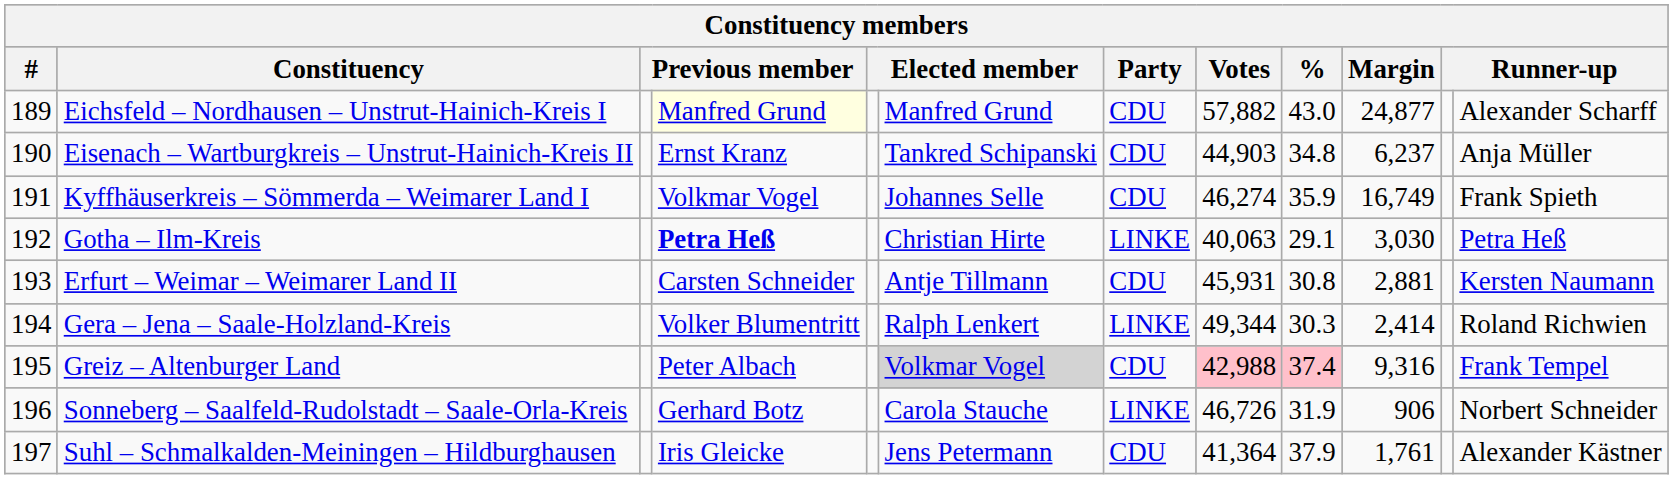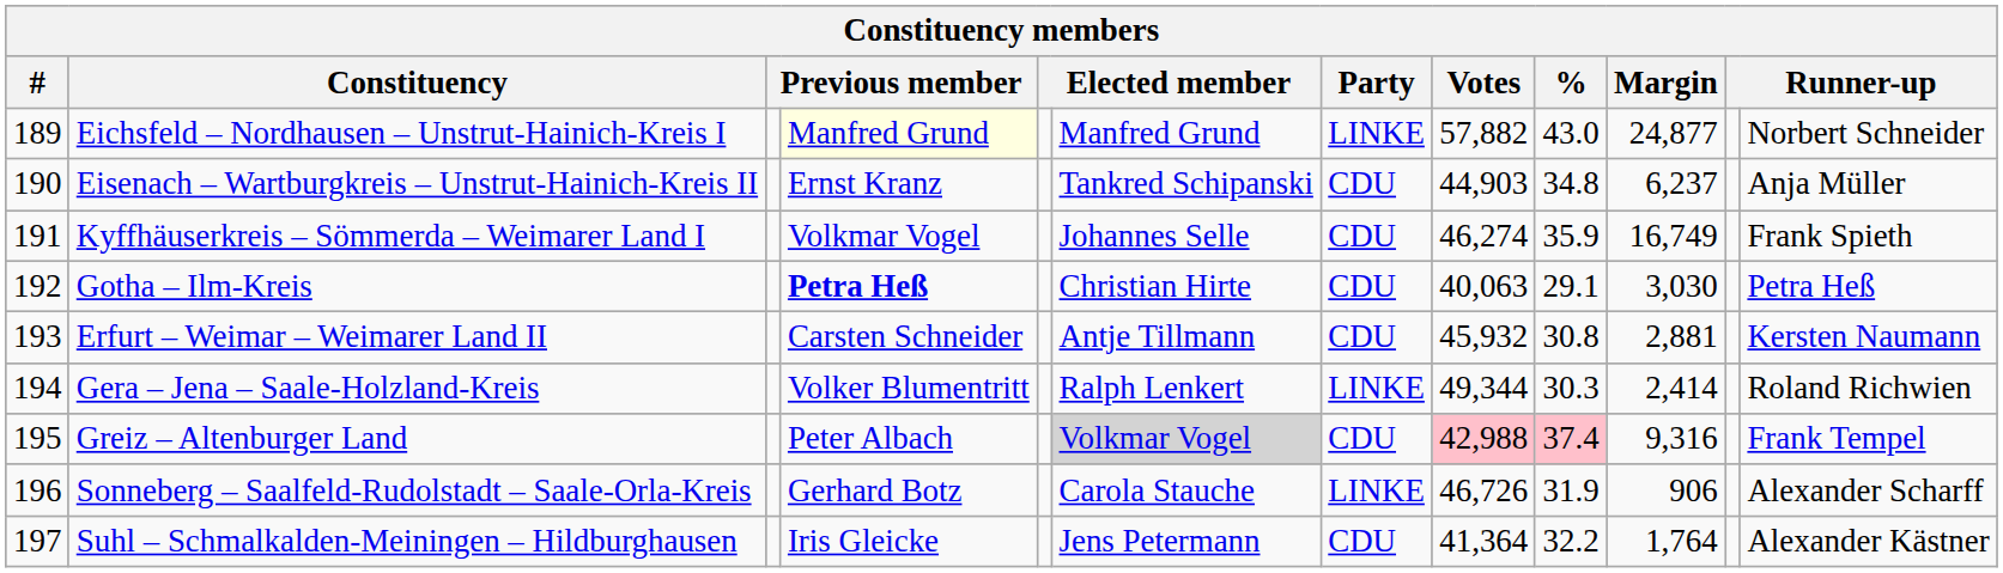 <table class="wikitable sortable" style="text-align:right">
 <tr>
 <th colspan="12">Constituency members</th>
 </tr>
 <tr>
 <th>#</th>
 <th>Constituency</th>
 <th colspan="2">Previous member</th>
 <th colspan="2">Elected member</th>
 <th>Party</th>
 <th>Votes</th>
 <th>%</th>
 <th>Margin</th>
 <th colspan="2">Runner-up</th>
 </tr>
 <tr>
 <td>189</td>
 <td align=left><a href='#'>Eichsfeld – Nordhausen – Unstrut-Hainich-Kreis I</a></td>
 <td bgcolor=></td>
 <td align=left style="background: lightyellow;"><a href='#'>Manfred Grund</a></td>
 <td bgcolor=></td>
 <td align=left><a href='#'>Manfred Grund</a></td>
-<td align=left><a href='#'>CDU</a></td>
+<td align="left"><a href='#'>LINKE</a></td>
 <td>57,882</td>
 <td>43.0</td>
 <td>24,877</td>
 <td bgcolor=></td>
-<td align=left>Alexander Scharff</td>
+<td align=left>Norbert Schneider</td>
 </tr>
 <tr>
 <td>190</td>
 <td align=left><a href='#'>Eisenach – Wartburgkreis – Unstrut-Hainich-Kreis II</a></td>
 <td bgcolor=></td>
 <td align=left><a href='#'>Ernst Kranz</a></td>
 <td></td>
 <td align=left><a href='#'>Tankred Schipanski</a></td>
 <td align=left><a href='#'>CDU</a></td>
 <td>44,903</td>
 <td>34.8</td>
 <td>6,237</td>
 <td bgcolor=></td>
 <td align=left>Anja Müller</td>
 </tr>
 <tr>
 <td>191</td>
 <td align=left><a href='#'>Kyffhäuserkreis – Sömmerda – Weimarer Land I</a></td>
 <td bgcolor=></td>
 <td align=left><a href='#'>Volkmar Vogel</a></td>
 <td bgcolor=></td>
 <td align=left><a href='#'>Johannes Selle</a></td>
 <td align=left><a href='#'>CDU</a></td>
 <td>46,274</td>
 <td>35.9</td>
 <td>16,749</td>
 <td bgcolor=></td>
 <td align=left>Frank Spieth</td>
 </tr>
 <tr>
 <td>192</td>
 <td align=left><a href='#'>Gotha – Ilm-Kreis</a></td>
 <td bgcolor=></td>
 <td align=left><strong><a href='#'>Petra Heß</a></strong></td>
 <td></td>
 <td align=left><a href='#'>Christian Hirte</a></td>
-<td align="left"><a href='#'>LINKE</a></td>
+<td align=left><a href='#'>CDU</a></td>
 <td>40,063</td>
 <td>29.1</td>
 <td>3,030</td>
 <td bgcolor=></td>
 <td align=left><a href='#'>Petra Heß</a></td>
 </tr>
 <tr>
 <td>193</td>
 <td align=left><a href='#'>Erfurt – Weimar – Weimarer Land II</a></td>
 <td bgcolor=></td>
 <td align=left><a href='#'>Carsten Schneider</a></td>
 <td bgcolor=></td>
 <td align=left><a href='#'>Antje Tillmann</a></td>
 <td align=left><a href='#'>CDU</a></td>
-<td>45,931</td>
+<td>45,932</td>
 <td>30.8</td>
 <td>2,881</td>
 <td bgcolor=></td>
 <td align=left><a href='#'>Kersten Naumann</a></td>
 </tr>
 <tr>
 <td>194</td>
 <td align=left><a href='#'>Gera – Jena – Saale-Holzland-Kreis</a></td>
 <td bgcolor=></td>
 <td align=left><a href='#'>Volker Blumentritt</a></td>
 <td bgcolor=></td>
 <td align=left><a href='#'>Ralph Lenkert</a></td>
 <td align=left><a href='#'>LINKE</a></td>
 <td>49,344</td>
 <td>30.3</td>
 <td>2,414</td>
 <td bgcolor=></td>
 <td align=left>Roland Richwien</td>
 </tr>
 <tr>
 <td>195</td>
 <td align=left><a href='#'>Greiz – Altenburger Land</a></td>
 <td bgcolor=></td>
 <td align=left><a href='#'>Peter Albach</a></td>
 <td bgcolor=></td>
 <td align=left style="background: lightgrey;"><a href='#'>Volkmar Vogel</a></td>
 <td align=left><a href='#'>CDU</a></td>
 <td style="background: pink;">42,988</td>
 <td style="background: pink;">37.4</td>
 <td>9,316</td>
 <td bgcolor=></td>
 <td align=left><a href='#'>Frank Tempel</a></td>
 </tr>
 <tr>
 <td>196</td>
 <td align=left><a href='#'>Sonneberg – Saalfeld-Rudolstadt – Saale-Orla-Kreis</a></td>
 <td bgcolor=></td>
 <td align=left><a href='#'>Gerhard Botz</a></td>
 <td bgcolor=></td>
 <td align=left><a href='#'>Carola Stauche</a></td>
 <td align="left"><a href='#'>LINKE</a></td>
 <td>46,726</td>
 <td>31.9</td>
 <td>906</td>
 <td bgcolor=></td>
-<td align=left>Norbert Schneider</td>
+<td align=left>Alexander Scharff</td>
 </tr>
 <tr>
 <td>197</td>
 <td align=left><a href='#'>Suhl – Schmalkalden-Meiningen – Hildburghausen</a></td>
 <td bgcolor=></td>
 <td align=left><a href='#'>Iris Gleicke</a></td>
 <td></td>
 <td align=left><a href='#'>Jens Petermann</a></td>
 <td align=left><a href='#'>CDU</a></td>
 <td>41,364</td>
-<td>37.9</td>
-<td>1,761</td>
+<td>32.2</td>
+<td>1,764</td>
 <td bgcolor=></td>
 <td align=left>Alexander Kästner</td>
 </tr>
 </table>
